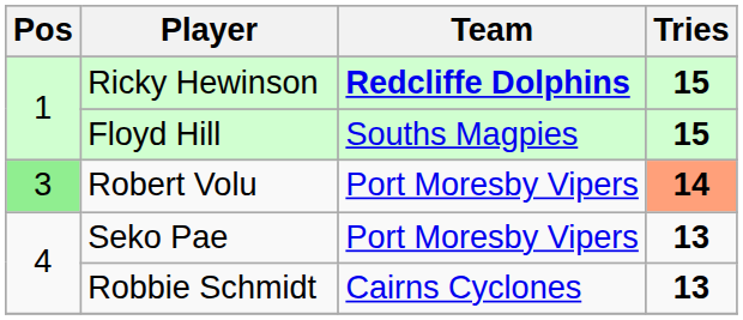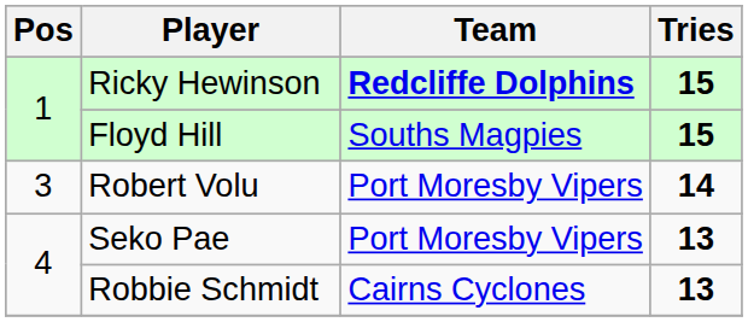 <table class="wikitable" style="text-align: center;">
 <tr>
 <th>Pos</th>
 <th width=120>Player</th>
 <th>Team</th>
 <th>Tries</th>
 </tr>
 <tr bgcolor="#d0ffd0">
 <td rowspan = 2>1</td>
 <td align="left">Ricky Hewinson</td>
 <td align="left"><strong> <a href='#'>Redcliffe Dolphins</a></strong></td>
 <td><strong>15</strong></td>
 </tr>
 <tr bgcolor="#d0ffd0">
 <td align="left">Floyd Hill</td>
 <td align="left"> <a href='#'>Souths Magpies</a></td>
 <td><strong>15</strong></td>
 </tr>
 <tr>
-<td rowspan = 1 style="background: lightgreen;">3</td>
+<td rowspan = 1>3</td>
 <td align="left">Robert Volu</td>
 <td align="left"> <a href='#'>Port Moresby Vipers</a></td>
-<td style="background: lightsalmon;"><strong>14</strong></td>
+<td><strong>14</strong></td>
 </tr>
 <tr>
 <td rowspan = 2>4</td>
 <td align="left">Seko Pae</td>
 <td align="left"> <a href='#'>Port Moresby Vipers</a></td>
 <td><strong>13</strong></td>
 </tr>
 <tr>
 <td align="left">Robbie Schmidt</td>
 <td align="left"> <a href='#'>Cairns Cyclones</a></td>
 <td><strong>13</strong></td>
 </tr>
 <tr>
 </tr>
 </table>
